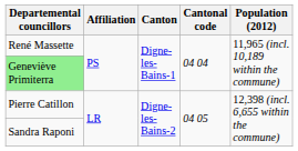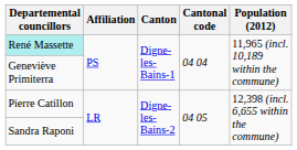 <table class="wikitable" style="width: 66%; margin:1em auto;">
 <tr>
 <th>Departemental councillors</th>
 <th>Affiliation</th>
 <th>Canton</th>
 <th>Cantonal code</th>
 <th>Population (2012)</th>
 </tr>
 <tr>
-<td>René Massette</td>
+<td style="background: paleturquoise;">René Massette</td>
 <td rowspan=2><a href='#'>PS</a></td>
 <td rowspan=2><a href='#'>Digne-les-Bains-1</a></td>
 <td rowspan=2><em>04 04</em></td>
 <td rowspan=2>11,965 <em>(incl. 10,189 within the commune)</em></td>
 </tr>
 <tr>
-<td style="background: lightgreen;">Geneviève Primiterra</td>
+<td>Geneviève Primiterra</td>
 </tr>
 <tr>
 <td>Pierre Catillon</td>
 <td rowspan=2><a href='#'>LR</a></td>
 <td rowspan=2><a href='#'>Digne-les-Bains-2</a></td>
 <td rowspan=2><em>04 05</em></td>
 <td rowspan=2>12,398 <em>(incl. 6,655 within the commune)</em></td>
 </tr>
 <tr>
 <td>Sandra Raponi</td>
 </tr>
 </table>
